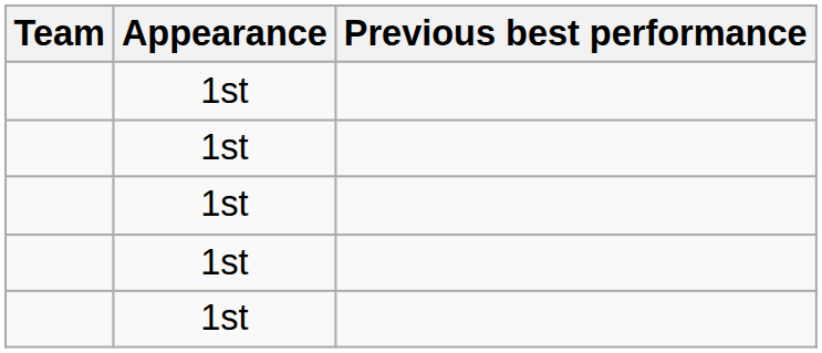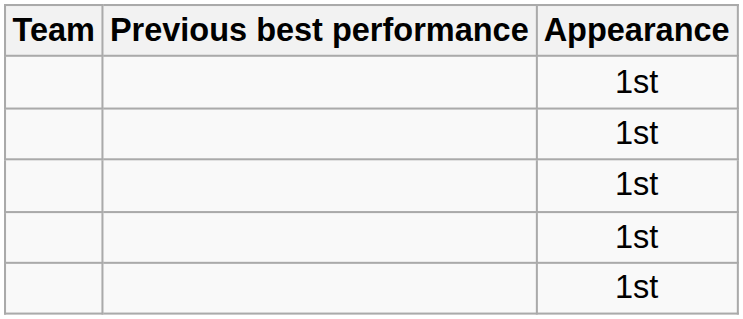 <table class="wikitable sortable">
 <tr>
 <th>Team</th>
+<th>Previous best performance</th>
 <th data-sort-type="number">Appearance</th>
-<th>Previous best performance</th>
 </tr>
 <tr>
 <td></td>
+<td></td>
 <td style="text-align:center">1st</td>
-<td></td>
 </tr>
 <tr>
 <td></td>
+<td></td>
 <td style="text-align:center">1st</td>
-<td></td>
 </tr>
 <tr>
 <td></td>
+<td></td>
 <td style="text-align:center">1st</td>
-<td></td>
 </tr>
 <tr>
 <td></td>
+<td></td>
 <td style="text-align:center">1st</td>
-<td></td>
 </tr>
 <tr>
 <td></td>
+<td></td>
 <td style="text-align:center">1st</td>
-<td></td>
 </tr>
 </table>
